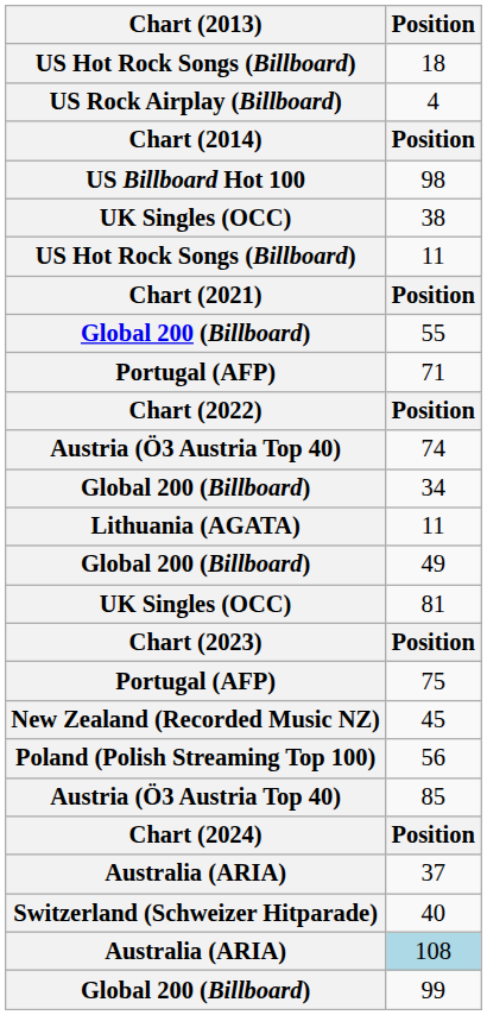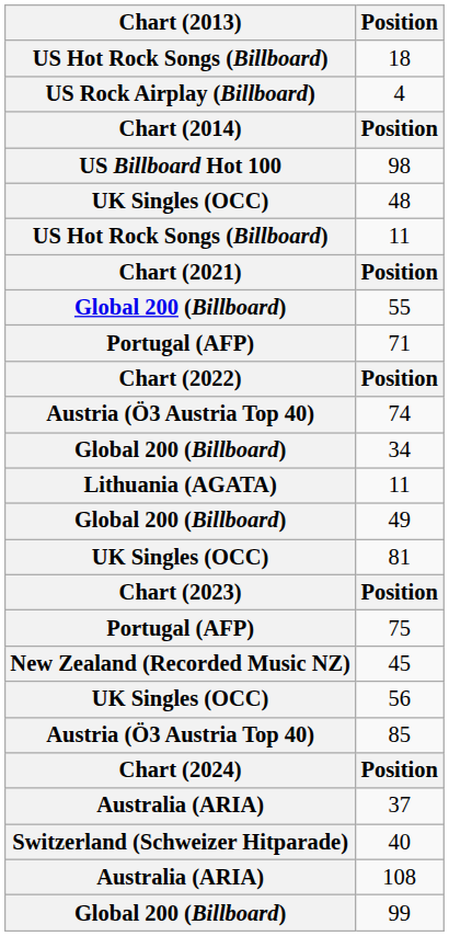 <table class="wikitable plainrowheaders sortable" style="text-align:center;">
 <tr>
 <th>Chart (2013)</th>
 <th>Position</th>
 </tr>
 <tr>
 <th scope="row">US Hot Rock Songs (<em>Billboard</em>)</th>
 <td>18</td>
 </tr>
 <tr>
 <th scope="row">US Rock Airplay (<em>Billboard</em>)</th>
 <td>4</td>
 </tr>
 <tr>
 <th>Chart (2014)</th>
 <th>Position</th>
 </tr>
 <tr>
 <th scope="row">US <em>Billboard</em> Hot 100</th>
 <td>98</td>
 </tr>
 <tr>
 <th scope="row">UK Singles (OCC)</th>
-<td>38</td>
+<td>48</td>
 </tr>
 <tr>
 <th scope="row">US Hot Rock Songs (<em>Billboard</em>)</th>
 <td>11</td>
 </tr>
 <tr>
 <th>Chart (2021)</th>
 <th>Position</th>
 </tr>
 <tr>
 <th scope="row"><a href='#'>Global 200</a> (<em>Billboard</em>)</th>
 <td>55</td>
 </tr>
 <tr>
 <th scope="row">Portugal (AFP)</th>
 <td>71</td>
 </tr>
 <tr>
 <th>Chart (2022)</th>
 <th>Position</th>
 </tr>
 <tr>
 <th scope="row">Austria (Ö3 Austria Top 40)</th>
 <td>74</td>
 </tr>
 <tr>
 <th scope="row">Global 200 (<em>Billboard</em>)</th>
 <td>34</td>
 </tr>
 <tr>
 <th scope="row">Lithuania (AGATA)</th>
 <td>11</td>
 </tr>
 <tr>
 <th scope="row">Global 200 (<em>Billboard</em>)</th>
 <td>49</td>
 </tr>
 <tr>
 <th scope="row">UK Singles (OCC)</th>
 <td>81</td>
 </tr>
 <tr>
 <th>Chart (2023)</th>
 <th>Position</th>
 </tr>
 <tr>
 <th scope="row">Portugal (AFP)</th>
 <td>75</td>
 </tr>
 <tr>
 <th scope="row">New Zealand (Recorded Music NZ)</th>
 <td>45</td>
 </tr>
 <tr>
-<th scope="row">Poland (Polish Streaming Top 100)</th>
+<th scope="row">UK Singles (OCC)</th>
 <td>56</td>
 </tr>
 <tr>
 <th scope="row">Austria (Ö3 Austria Top 40)</th>
 <td>85</td>
 </tr>
 <tr>
 <th>Chart (2024)</th>
 <th>Position</th>
 </tr>
 <tr>
 <th scope="row">Australia (ARIA)</th>
 <td>37</td>
 </tr>
 <tr>
 <th scope="row">Switzerland (Schweizer Hitparade)</th>
 <td>40</td>
 </tr>
 <tr>
 <th scope="row">Australia (ARIA)</th>
-<td style="background: lightblue;">108</td>
+<td>108</td>
 </tr>
 <tr>
 <th scope="row">Global 200 (<em>Billboard</em>)</th>
 <td>99</td>
 </tr>
 </table>
